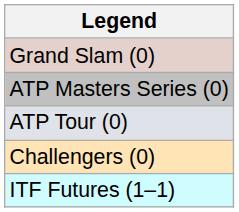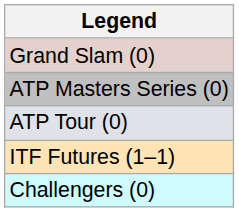 <table class=wikitable>
 <tr>
 <th>Legend</th>
 </tr>
 <tr bgcolor=e5d1cb>
 <td>Grand Slam (0)</td>
 </tr>
 <tr bgcolor=silver>
 <td>ATP Masters Series (0)</td>
 </tr>
 <tr bgcolor=dfe2e9>
 <td>ATP Tour (0)</td>
 </tr>
 <tr bgcolor=moccasin>
+<td>ITF Futures (1–1)</td>
+</tr>
+<tr bgcolor=cffcff>
 <td>Challengers (0)</td>
 </tr>
-<tr bgcolor=cffcff>
-<td>ITF Futures (1–1)</td>
-</tr>
 </table>
